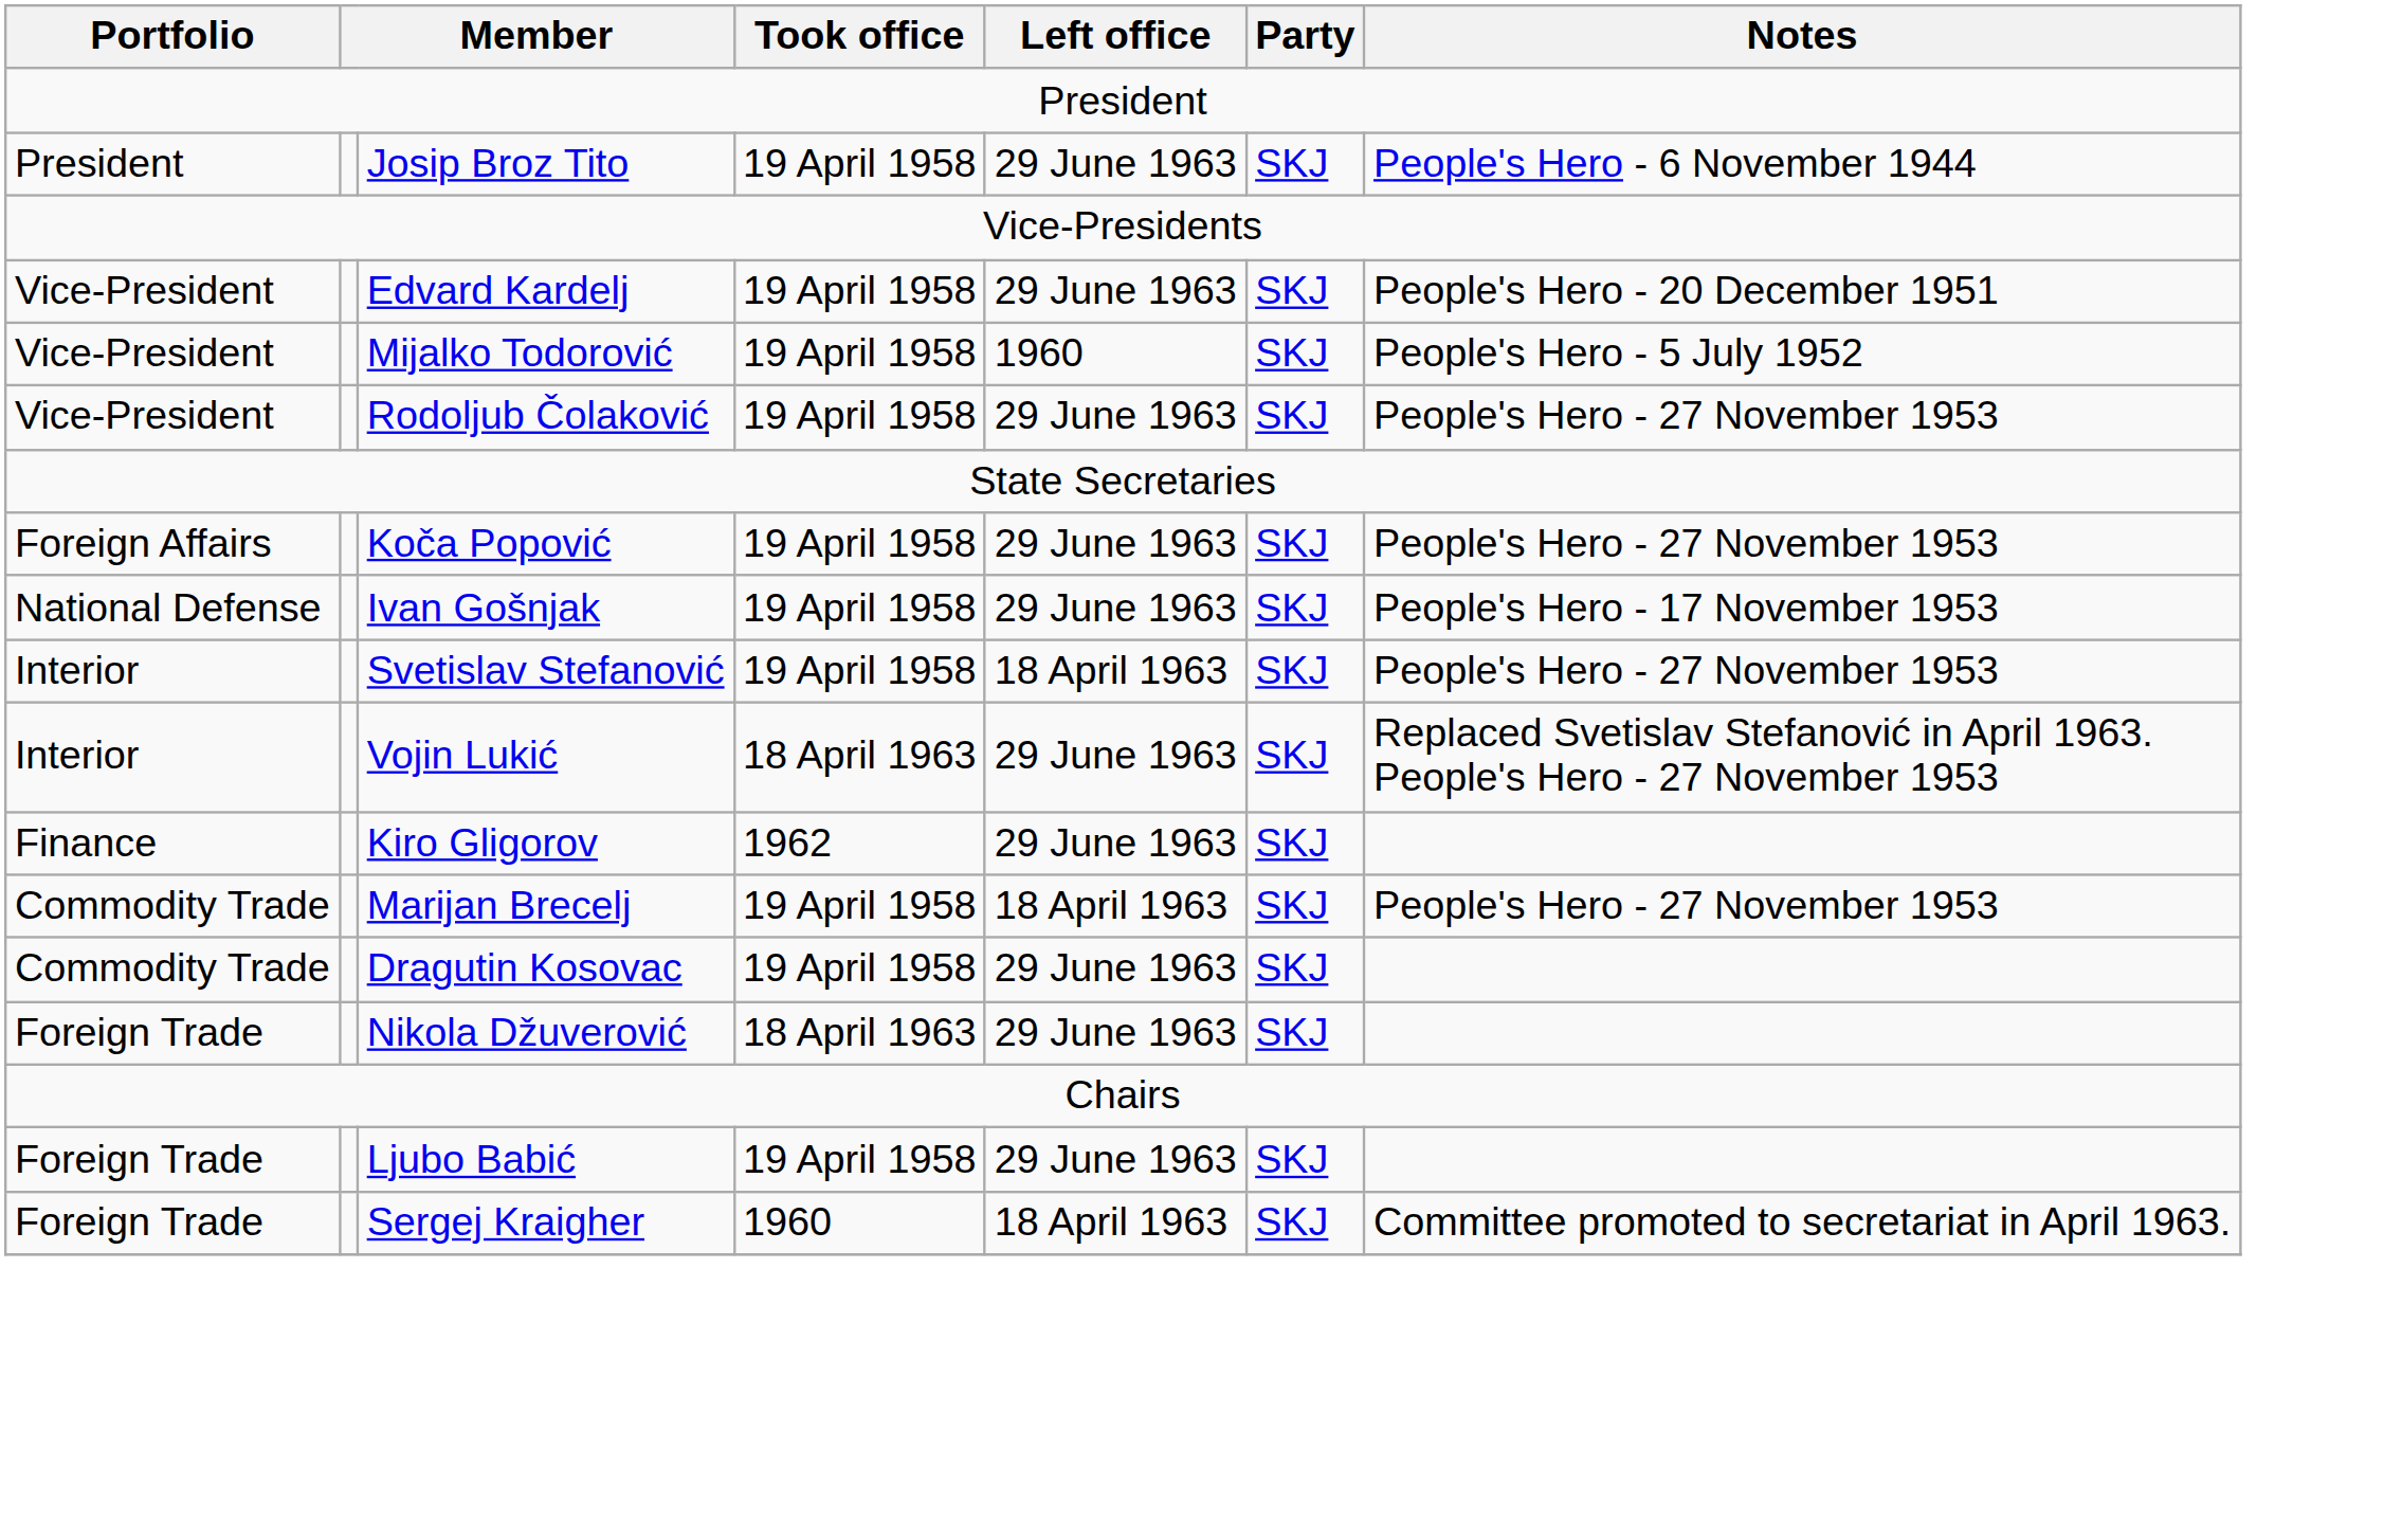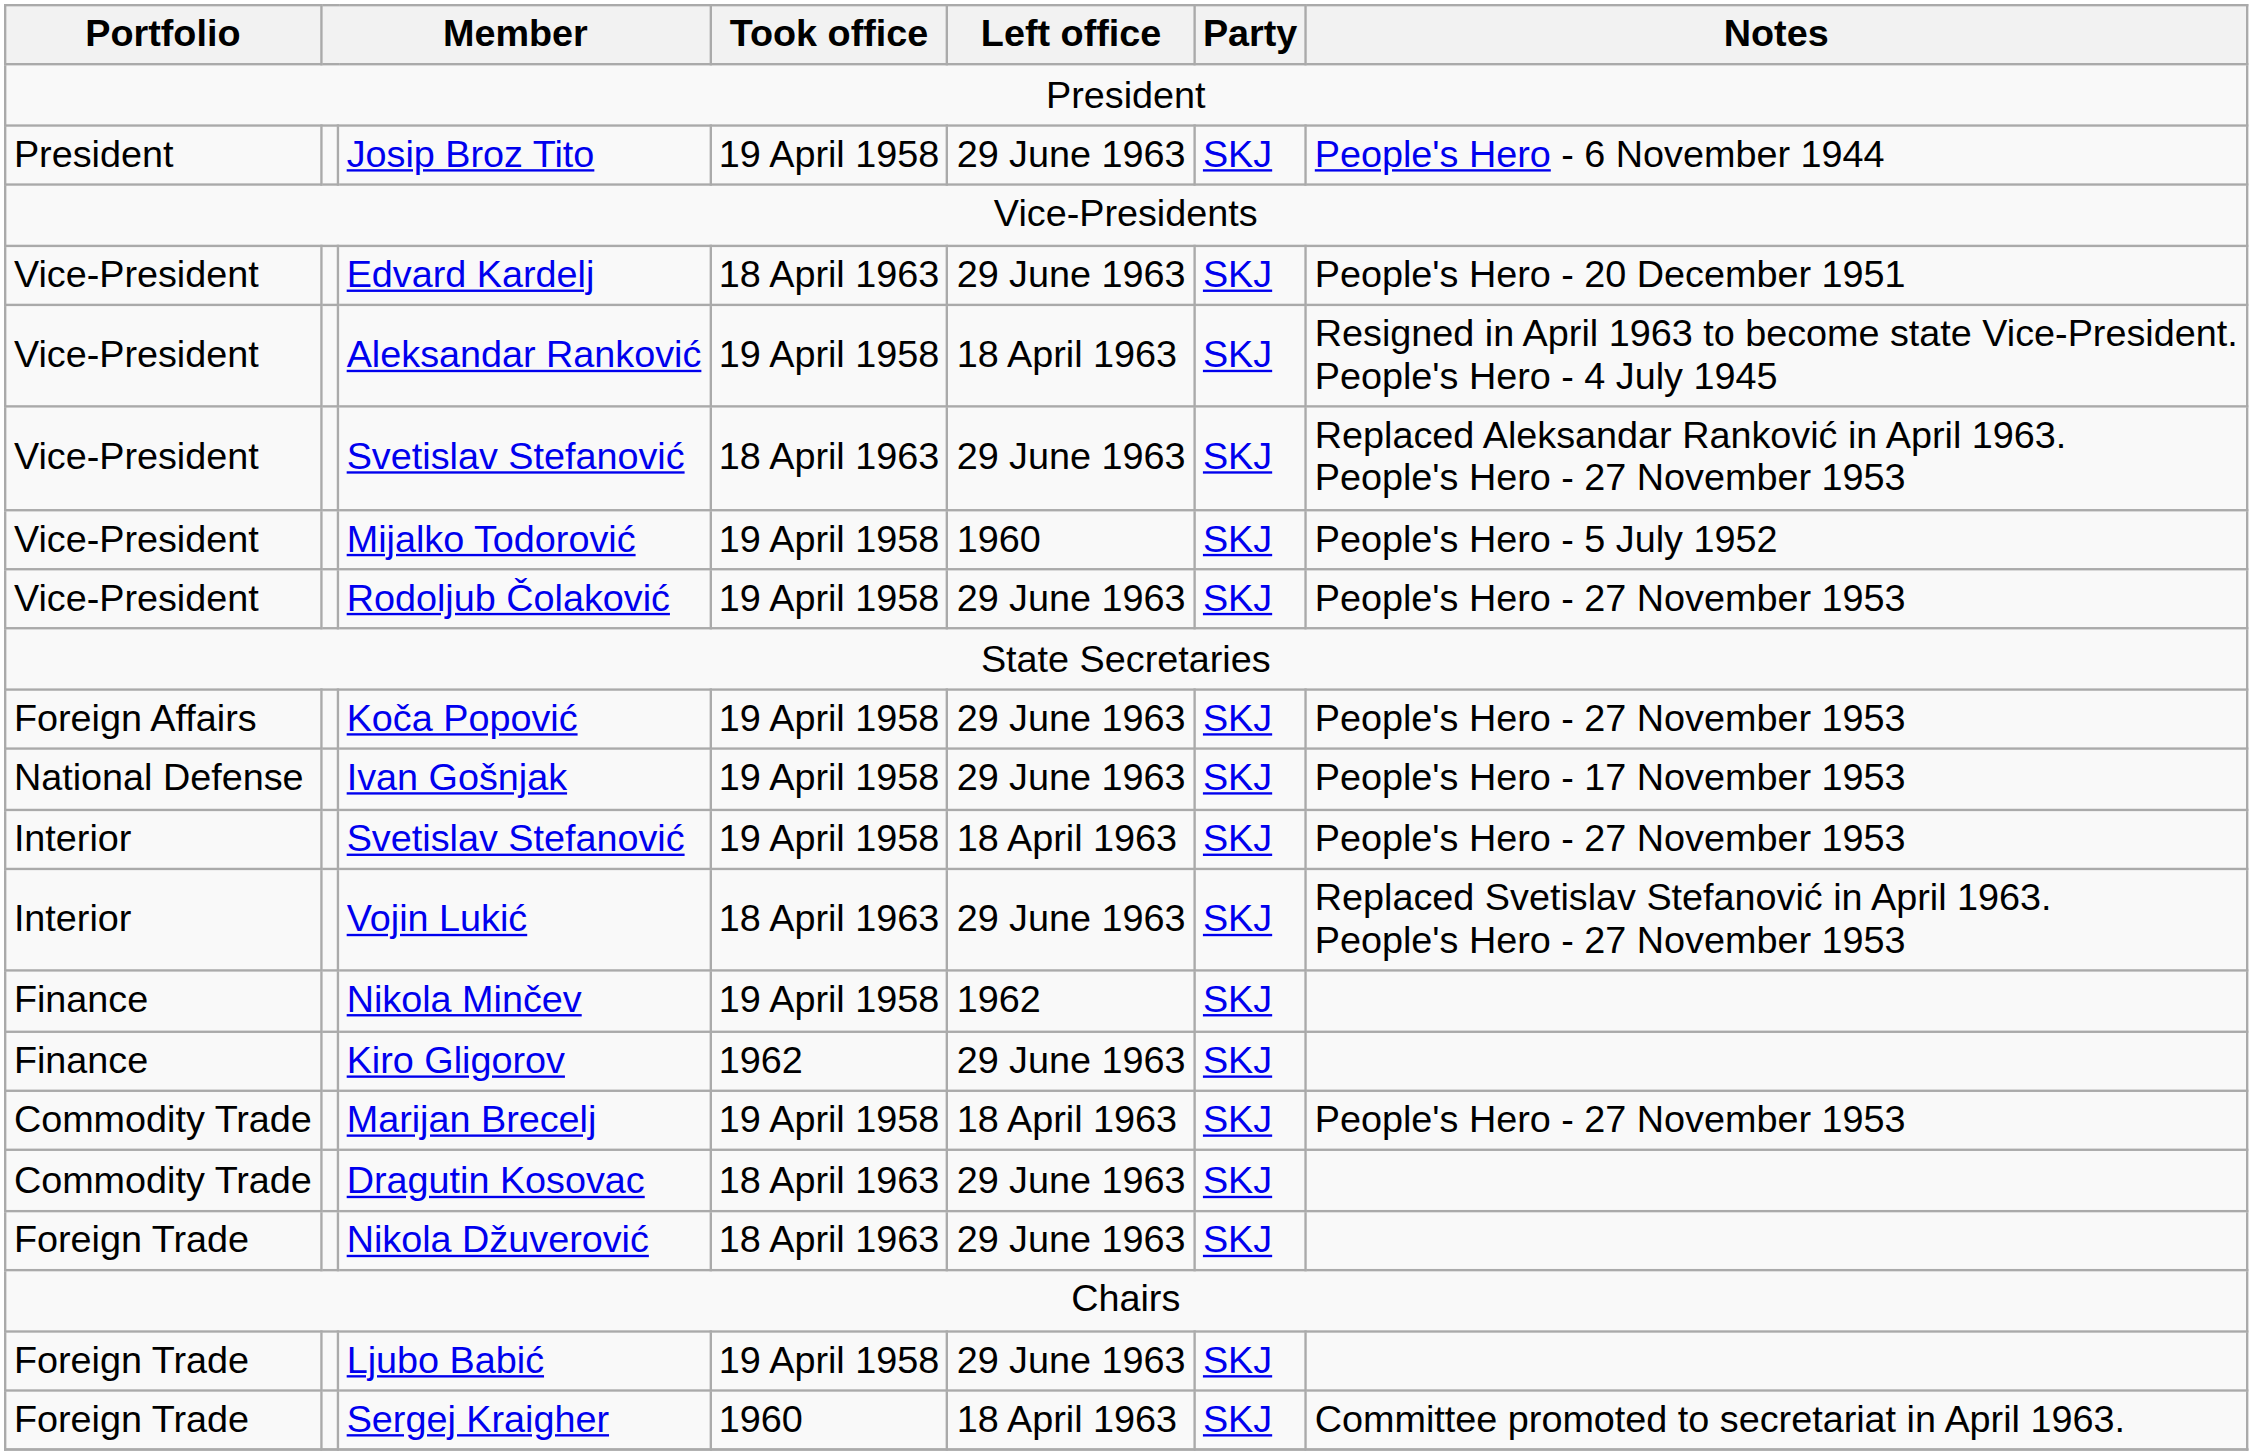 <table class="wikitable">
 <tr>
 <th style="text-align: center;">Portfolio</th>
 <th colspan="2" style="text-align: center;">Member</th>
 <th style="text-align: center;">Took office</th>
 <th style="text-align: center;">Left office</th>
 <th style="text-align: center;">Party</th>
 <th style="text-align: center;">Notes</th>
 </tr>
 <tr>
 <td colspan="7" style="text-align: center;">President</td>
 </tr>
 <tr>
 <td>President</td>
 <td style="background:"></td>
 <td><a href='#'>Josip Broz Tito</a></td>
 <td>19 April 1958</td>
 <td>29 June 1963</td>
 <td><a href='#'>SKJ</a></td>
 <td><a href='#'>People's Hero</a> - 6 November 1944</td>
 </tr>
 <tr>
 <td colspan="7" style="text-align: center;">Vice-Presidents</td>
 </tr>
 <tr>
 <td>Vice-President</td>
 <td style="background:"></td>
 <td><a href='#'>Edvard Kardelj</a></td>
-<td>19 April 1958</td>
+<td>18 April 1963</td>
 <td>29 June 1963</td>
 <td><a href='#'>SKJ</a></td>
 <td>People's Hero - 20 December 1951</td>
+</tr>
+<tr>
+<td>Vice-President</td>
+<td style="background:"></td>
+<td><a href='#'>Aleksandar Ranković</a></td>
+<td>19 April 1958</td>
+<td>18 April 1963</td>
+<td><a href='#'>SKJ</a></td>
+<td>Resigned in April 1963 to become state Vice-President.<br>People's Hero - 4 July 1945</td>
+</tr>
+<tr>
+<td>Vice-President</td>
+<td style="background:"></td>
+<td><a href='#'>Svetislav Stefanović</a></td>
+<td>18 April 1963</td>
+<td>29 June 1963</td>
+<td><a href='#'>SKJ</a></td>
+<td>Replaced Aleksandar Ranković in April 1963.<br>People's Hero - 27 November 1953</td>
 </tr>
 <tr>
 <td>Vice-President</td>
 <td style="background:"></td>
 <td><a href='#'>Mijalko Todorović</a></td>
 <td>19 April 1958</td>
 <td>1960</td>
 <td><a href='#'>SKJ</a></td>
 <td>People's Hero - 5 July 1952</td>
 </tr>
 <tr>
 <td>Vice-President</td>
 <td style="background:"></td>
 <td><a href='#'>Rodoljub Čolaković</a></td>
 <td>19 April 1958</td>
 <td>29 June 1963</td>
 <td><a href='#'>SKJ</a></td>
 <td>People's Hero - 27 November 1953</td>
 </tr>
 <tr>
 <td colspan="7" style="text-align: center;">State Secretaries</td>
 </tr>
 <tr>
 <td>Foreign Affairs</td>
 <td style="background:"></td>
 <td><a href='#'>Koča Popović</a></td>
 <td>19 April 1958</td>
 <td>29 June 1963</td>
 <td><a href='#'>SKJ</a></td>
 <td>People's Hero - 27 November 1953</td>
 </tr>
 <tr>
 <td>National Defense</td>
 <td style="background:"></td>
 <td><a href='#'>Ivan Gošnjak</a></td>
 <td>19 April 1958</td>
 <td>29 June 1963</td>
 <td><a href='#'>SKJ</a></td>
 <td>People's Hero - 17 November 1953</td>
 </tr>
 <tr>
 <td>Interior</td>
 <td style="background:"></td>
 <td><a href='#'>Svetislav Stefanović</a></td>
 <td>19 April 1958</td>
 <td>18 April 1963</td>
 <td><a href='#'>SKJ</a></td>
 <td>People's Hero - 27 November 1953</td>
 </tr>
 <tr>
 <td>Interior</td>
 <td style="background:"></td>
 <td><a href='#'>Vojin Lukić</a></td>
 <td>18 April 1963</td>
 <td>29 June 1963</td>
 <td><a href='#'>SKJ</a></td>
 <td>Replaced Svetislav Stefanović in April 1963.<br>People's Hero - 27 November 1953</td>
 </tr>
 <tr>
 <td>Finance</td>
 <td style="background:"></td>
+<td><a href='#'>Nikola Minčev</a></td>
+<td>19 April 1958</td>
+<td>1962</td>
+<td><a href='#'>SKJ</a></td>
+<td></td>
+</tr>
+<tr>
+<td>Finance</td>
+<td style="background:"></td>
 <td><a href='#'>Kiro Gligorov</a></td>
 <td>1962</td>
 <td>29 June 1963</td>
 <td><a href='#'>SKJ</a></td>
 <td></td>
 </tr>
 <tr>
 <td>Commodity Trade</td>
 <td style="background:"></td>
 <td><a href='#'>Marijan Brecelj</a></td>
 <td>19 April 1958</td>
 <td>18 April 1963</td>
 <td><a href='#'>SKJ</a></td>
 <td>People's Hero - 27 November 1953</td>
 </tr>
 <tr>
 <td>Commodity Trade</td>
 <td style="background:"></td>
 <td><a href='#'>Dragutin Kosovac</a></td>
-<td>19 April 1958</td>
+<td>18 April 1963</td>
 <td>29 June 1963</td>
 <td><a href='#'>SKJ</a></td>
 <td></td>
 </tr>
 <tr>
 <td>Foreign Trade</td>
 <td style="background:"></td>
 <td><a href='#'>Nikola Džuverović</a></td>
 <td>18 April 1963</td>
 <td>29 June 1963</td>
 <td><a href='#'>SKJ</a></td>
 <td></td>
 </tr>
 <tr>
 <td colspan="7" style="text-align: center;">Chairs</td>
 </tr>
 <tr>
 <td>Foreign Trade</td>
 <td style="background:"></td>
 <td><a href='#'>Ljubo Babić</a></td>
 <td>19 April 1958</td>
 <td>29 June 1963</td>
 <td><a href='#'>SKJ</a></td>
 <td></td>
 </tr>
 <tr>
 <td>Foreign Trade</td>
 <td style="background:"></td>
 <td><a href='#'>Sergej Kraigher</a></td>
 <td>1960</td>
 <td>18 April 1963</td>
 <td><a href='#'>SKJ</a></td>
 <td>Committee promoted to secretariat in April 1963.</td>
 </tr>
 <tr>
 </tr>
 </table>
